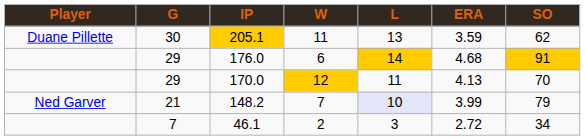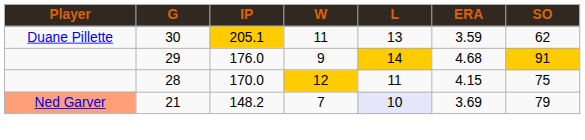 <table class="wikitable sortable">
 <tr>
 <th style="background:#312821;color:#de6108;" width="16%">Player</th>
 <th style="background:#312821;color:#de6108;" width="9%">G</th>
 <th style="background:#312821;color:#de6108;" width="9%">IP</th>
 <th style="background:#312821;color:#de6108;" width="9%">W</th>
 <th style="background:#312821;color:#de6108;" width="9%">L</th>
 <th style="background:#312821;color:#de6108;" width="9%">ERA</th>
 <th style="background:#312821;color:#de6108;" width="9%">SO</th>
 </tr>
 <tr align="center">
 <td><a href='#'>Duane Pillette</a></td>
 <td>30</td>
 <td style="background:#fc0;">205.1</td>
 <td>11</td>
 <td>13</td>
 <td>3.59</td>
 <td>62</td>
 </tr>
 <tr align=center>
 <td></td>
 <td>29</td>
 <td>176.0</td>
-<td>6</td>
+<td>9</td>
 <td style="background:#fc0;">14</td>
 <td>4.68</td>
 <td style="background:#fc0;">91</td>
 </tr>
 <tr align="center">
 <td></td>
-<td>29</td>
+<td>28</td>
 <td>170.0</td>
 <td style="background:#fc0;">12</td>
 <td>11</td>
-<td>4.13</td>
-<td>70</td>
+<td>4.15</td>
+<td>75</td>
 </tr>
 <tr align="center">
-<td><a href='#'>Ned Garver</a></td>
+<td style="background: lightsalmon;"><a href='#'>Ned Garver</a></td>
 <td>21</td>
 <td>148.2</td>
 <td>7</td>
 <td style="background: lavender;">10</td>
-<td>3.99</td>
+<td>3.69</td>
 <td>79</td>
 </tr>
-<tr align=center>
-<td></td>
-<td>7</td>
-<td>46.1</td>
-<td>2</td>
-<td>3</td>
-<td>2.72</td>
-<td>34</td>
-</tr>
 </table>
